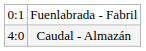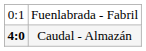 <table class="wikitable">
 <tr align=center bgcolor=white>
 <td>0:1</td>
 <td>Fuenlabrada - Fabril</td>
 </tr>
 <tr align=center bgcolor=#F5F5F5>
-<td>4:0</td>
+<td><strong>4:0</strong></td>
 <td>Caudal - Almazán</td>
 </tr>
 </table>
